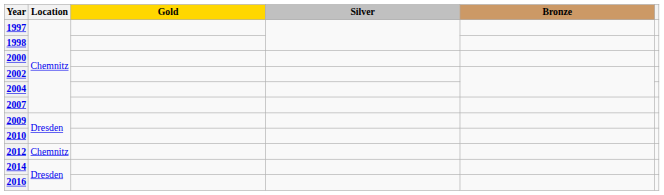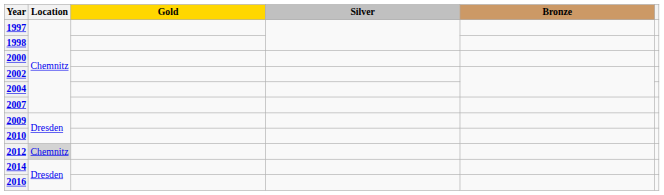 <table class="wikitable unsortable" style="text-align:left; width:85%">
 <tr>
 <th scope="col" style="text-align:center">Year</th>
 <th scope="col" style="text-align:center">Location</th>
 <td scope="col" style="text-align:center; width:30%; background:gold"><strong>Gold</strong></td>
 <td scope="col" style="text-align:center; width:30%; background:silver"><strong>Silver</strong></td>
 <td scope="col" style="text-align:center; width:30%; background:#c96"><strong>Bronze</strong></td>
 <th scope="col" style="text-align:center"></th>
 </tr>
 <tr>
 <th scope="row" style="text-align:left"><a href='#'>1997</a></th>
 <td rowspan="6"><a href='#'>Chemnitz</a></td>
 <td></td>
 <td rowspan="2"></td>
 <td></td>
 <td></td>
 </tr>
 <tr>
 <th scope="row" style="text-align:left"><a href='#'>1998</a></th>
 <td></td>
 <td></td>
 <td></td>
 </tr>
 <tr>
 <th scope="row" style="text-align:left"><a href='#'>2000</a></th>
 <td></td>
 <td></td>
 <td></td>
 <td></td>
 </tr>
 <tr>
 <th scope="row" style="text-align:left"><a href='#'>2002</a></th>
 <td></td>
 <td></td>
 <td rowspan="2"></td>
 <td></td>
 </tr>
 <tr>
 <th scope="row" style="text-align:left"><a href='#'>2004</a></th>
 <td></td>
 <td></td>
 <td></td>
 </tr>
 <tr>
 <th scope="row" style="text-align:left"><a href='#'>2007</a></th>
 <td></td>
 <td></td>
 <td></td>
 <td></td>
 </tr>
 <tr>
 <th scope="row" style="text-align:left"><a href='#'>2009</a></th>
 <td rowspan="2"><a href='#'>Dresden</a></td>
 <td></td>
 <td></td>
 <td></td>
 <td></td>
 </tr>
 <tr>
 <th scope="row" style="text-align:left"><a href='#'>2010</a></th>
 <td></td>
 <td></td>
 <td></td>
 <td></td>
 </tr>
 <tr>
 <th scope="row" style="text-align:left"><a href='#'>2012</a></th>
-<td><a href='#'>Chemnitz</a></td>
+<td style="background: lightgrey;"><a href='#'>Chemnitz</a></td>
 <td></td>
 <td></td>
 <td></td>
 <td></td>
 </tr>
 <tr>
 <th scope="row" style="text-align:left"><a href='#'>2014</a></th>
 <td rowspan="2"><a href='#'>Dresden</a></td>
 <td></td>
 <td></td>
 <td></td>
 <td></td>
 </tr>
 <tr>
 <th scope="row" style="text-align:left"><a href='#'>2016</a></th>
 <td></td>
 <td></td>
 <td></td>
 <td></td>
 </tr>
 </table>
